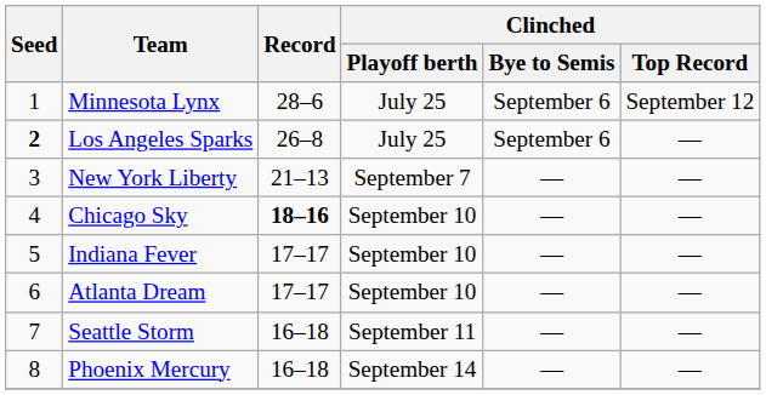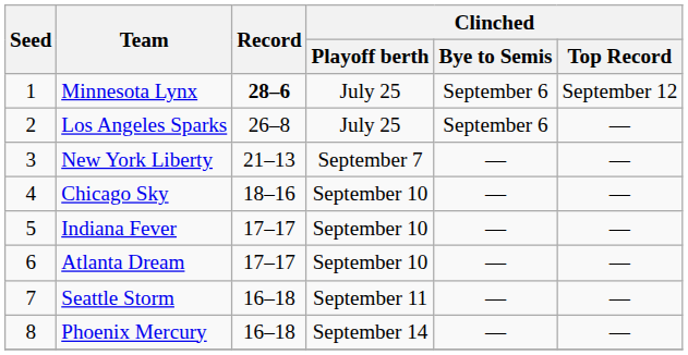 <table class="wikitable"  style="font-size:95%; text-align:center">
 <tr>
 <th rowspan=2>Seed</th>
 <th rowspan=2>Team</th>
 <th rowspan=2>Record</th>
 <th colspan=3>Clinched</th>
 </tr>
 <tr>
 <th>Playoff berth</th>
 <th>Bye to Semis</th>
 <th>Top Record</th>
 </tr>
 <tr>
 <td>1</td>
 <td align=left><a href='#'>Minnesota Lynx</a></td>
-<td>28–6</td>
+<td><strong>28–6</strong></td>
 <td>July 25</td>
 <td>September 6</td>
 <td>September 12</td>
 </tr>
 <tr>
-<td><strong>2</strong></td>
+<td>2</td>
 <td align=left><a href='#'>Los Angeles Sparks</a></td>
 <td>26–8</td>
 <td>July 25</td>
 <td>September 6</td>
 <td>—</td>
 </tr>
 <tr>
 <td>3</td>
 <td align=left><a href='#'>New York Liberty</a></td>
 <td>21–13</td>
 <td>September 7</td>
 <td>—</td>
 <td>—</td>
 </tr>
 <tr>
 <td>4</td>
 <td align=left><a href='#'>Chicago Sky</a></td>
-<td><strong>18–16</strong></td>
+<td>18–16</td>
 <td>September 10</td>
 <td>—</td>
 <td>—</td>
 </tr>
 <tr>
 <td>5</td>
 <td align=left><a href='#'>Indiana Fever</a></td>
 <td>17–17</td>
 <td>September 10</td>
 <td>—</td>
 <td>—</td>
 </tr>
 <tr>
 <td>6</td>
 <td align=left><a href='#'>Atlanta Dream</a></td>
 <td>17–17</td>
 <td>September 10</td>
 <td>—</td>
 <td>—</td>
 </tr>
 <tr>
 <td>7</td>
 <td align=left><a href='#'>Seattle Storm</a></td>
 <td>16–18</td>
 <td>September 11</td>
 <td>—</td>
 <td>—</td>
 </tr>
 <tr>
 <td>8</td>
 <td align=left><a href='#'>Phoenix Mercury</a></td>
 <td>16–18</td>
 <td>September 14</td>
 <td>—</td>
 <td>—</td>
 </tr>
 <tr>
 </tr>
 </table>
